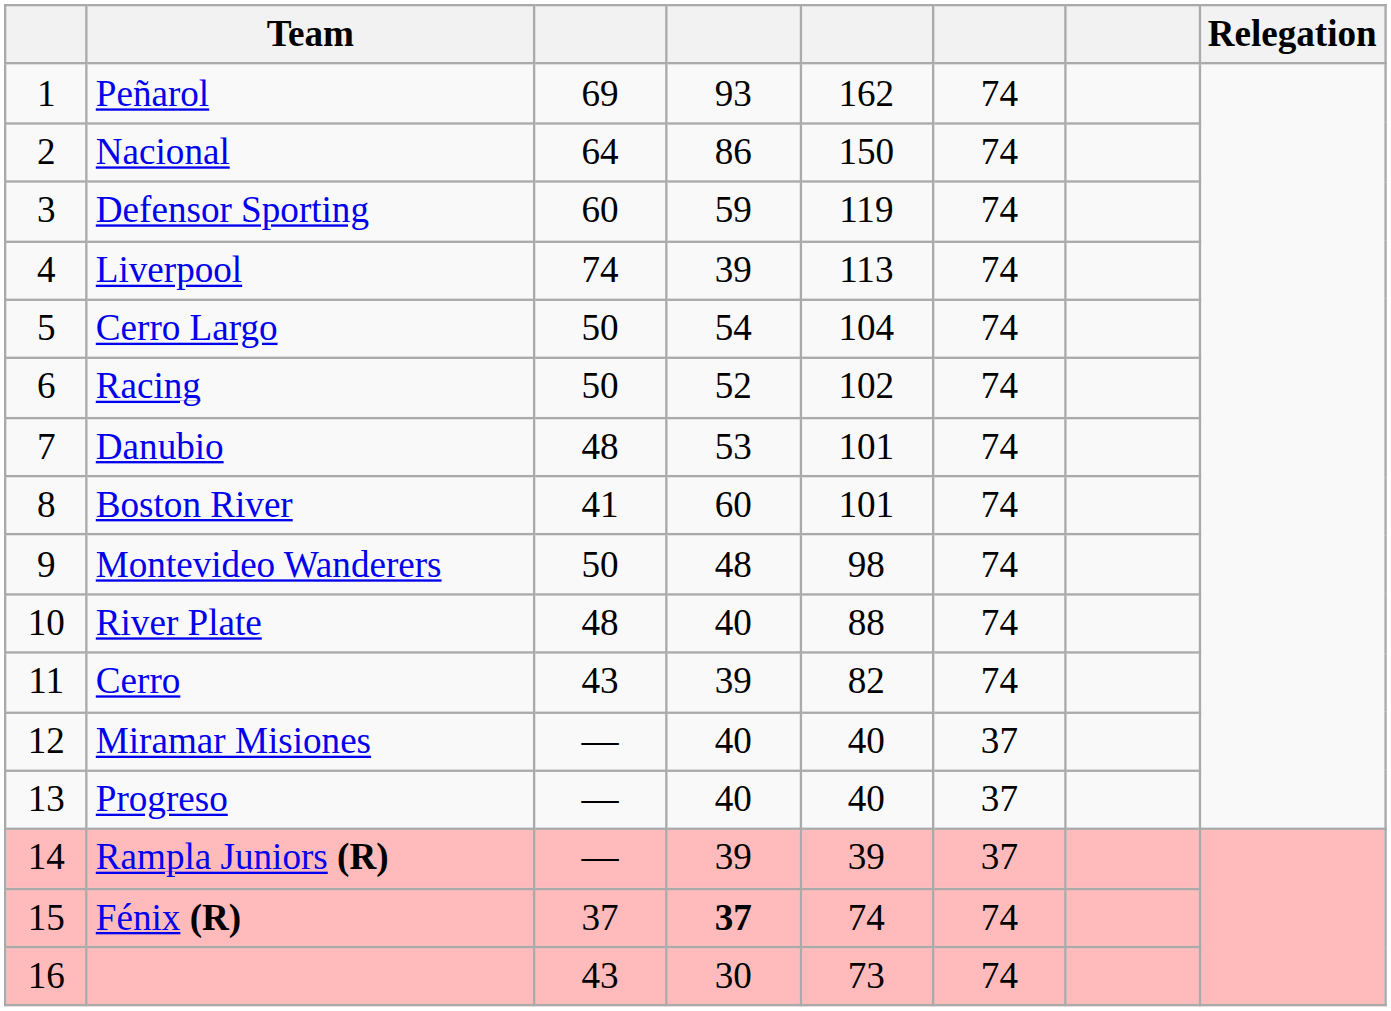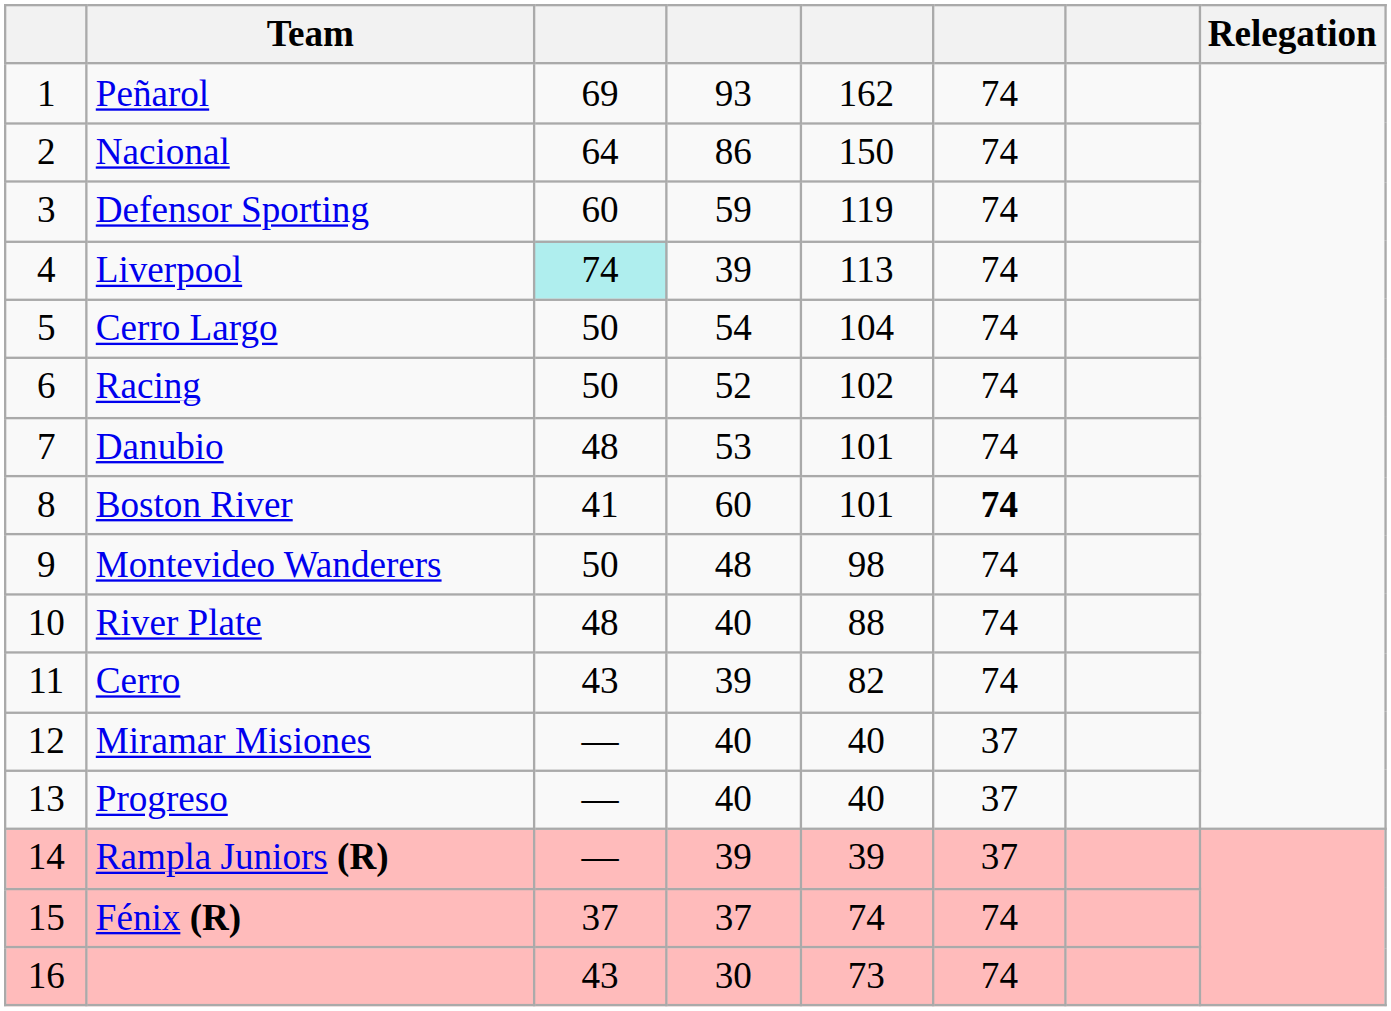 <table class="wikitable" style="text-align: center;">
 <tr>
 <th width=28></th>
 <th width=185>Team</th>
 <th width=50></th>
 <th width=50></th>
 <th width=50></th>
 <th width=50></th>
 <th width=50><br></th>
 <th>Relegation</th>
 </tr>
 <tr>
 <td>1</td>
 <td align="left"><a href='#'>Peñarol</a></td>
 <td>69</td>
 <td>93</td>
 <td>162</td>
 <td>74</td>
 <td><strong></strong></td>
 <td rowspan=13></td>
 </tr>
 <tr>
 <td>2</td>
 <td align="left"><a href='#'>Nacional</a></td>
 <td>64</td>
 <td>86</td>
 <td>150</td>
 <td>74</td>
 <td><strong></strong></td>
 </tr>
 <tr>
 <td>3</td>
 <td align="left"><a href='#'>Defensor Sporting</a></td>
 <td>60</td>
 <td>59</td>
 <td>119</td>
 <td>74</td>
 <td><strong></strong></td>
 </tr>
 <tr>
 <td>4</td>
 <td align="left"><a href='#'>Liverpool</a></td>
-<td>74</td>
+<td style="background: paleturquoise;">74</td>
 <td>39</td>
 <td>113</td>
 <td>74</td>
 <td><strong></strong></td>
 </tr>
 <tr>
 <td>5</td>
 <td align="left"><a href='#'>Cerro Largo</a></td>
 <td>50</td>
 <td>54</td>
 <td>104</td>
 <td>74</td>
 <td><strong></strong></td>
 </tr>
 <tr>
 <td>6</td>
 <td align="left"><a href='#'>Racing</a></td>
 <td>50</td>
 <td>52</td>
 <td>102</td>
 <td>74</td>
 <td><strong></strong></td>
 </tr>
 <tr>
 <td>7</td>
 <td align="left"><a href='#'>Danubio</a></td>
 <td>48</td>
 <td>53</td>
 <td>101</td>
 <td>74</td>
 <td><strong></strong></td>
 </tr>
 <tr>
 <td>8</td>
 <td align="left"><a href='#'>Boston River</a></td>
 <td>41</td>
 <td>60</td>
 <td>101</td>
-<td>74</td>
+<td><strong>74</strong></td>
 <td><strong></strong></td>
 </tr>
 <tr>
 <td>9</td>
 <td align="left"><a href='#'>Montevideo Wanderers</a></td>
 <td>50</td>
 <td>48</td>
 <td>98</td>
 <td>74</td>
 <td><strong></strong></td>
 </tr>
 <tr>
 <td>10</td>
 <td align="left"><a href='#'>River Plate</a></td>
 <td>48</td>
 <td>40</td>
 <td>88</td>
 <td>74</td>
 <td><strong></strong></td>
 </tr>
 <tr>
 <td>11</td>
 <td align="left"><a href='#'>Cerro</a></td>
 <td>43</td>
 <td>39</td>
 <td>82</td>
 <td>74</td>
 <td><strong></strong></td>
 </tr>
 <tr>
 <td>12</td>
 <td align="left"><a href='#'>Miramar Misiones</a></td>
 <td>—</td>
 <td>40</td>
 <td>40</td>
 <td>37</td>
 <td><strong></strong></td>
 </tr>
 <tr>
 <td>13</td>
 <td align="left"><a href='#'>Progreso</a></td>
 <td>—</td>
 <td>40</td>
 <td>40</td>
 <td>37</td>
 <td><strong></strong></td>
 </tr>
 <tr bgcolor=#FFBBBB>
 <td>14</td>
 <td align="left"><a href='#'>Rampla Juniors</a> <strong>(R)</strong></td>
 <td>—</td>
 <td>39</td>
 <td>39</td>
 <td>37</td>
 <td><strong></strong></td>
 <td rowspan=3></td>
 </tr>
 <tr bgcolor=#FFBBBB>
 <td>15</td>
 <td align="left"><a href='#'>Fénix</a> <strong>(R)</strong></td>
 <td>37</td>
-<td><strong>37</strong></td>
+<td>37</td>
 <td>74</td>
 <td>74</td>
 <td><strong></strong></td>
 </tr>
 <tr bgcolor=#FFBBBB>
 <td>16</td>
 <td align="left"></td>
 <td>43</td>
 <td>30</td>
 <td>73</td>
 <td>74</td>
 <td><strong></strong></td>
 </tr>
 </table>
